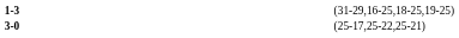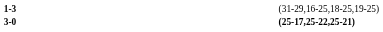 <table width=100% cellspacing=1>
 <tr>
 <th width=20%></th>
 <th width=12%></th>
 <th width=20%></th>
 <th width=33%></th>
 <td></td>
 </tr>
 <tr style=font-size:90%>
 <td align=right></td>
 <td align=center><strong>1-3</strong></td>
 <td></td>
 <td>(31-29,16-25,18-25,19-25)</td>
 <td></td>
 </tr>
 <tr style=font-size:90%>
 <td align=right></td>
 <td align=center><strong>3-0</strong></td>
 <td></td>
-<td>(25-17,25-22,25-21)</td>
+<td><strong>(25-17,25-22,25-21)</strong></td>
 </tr>
 </table>
